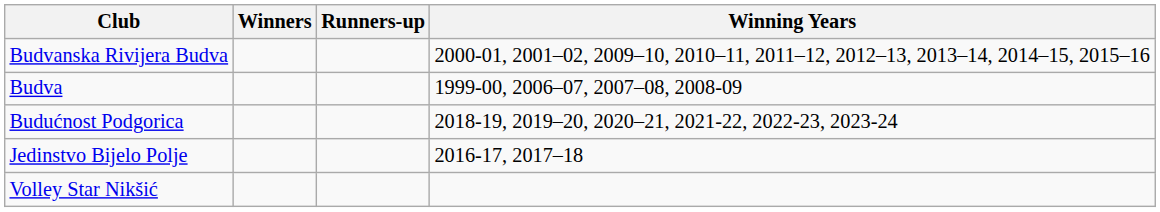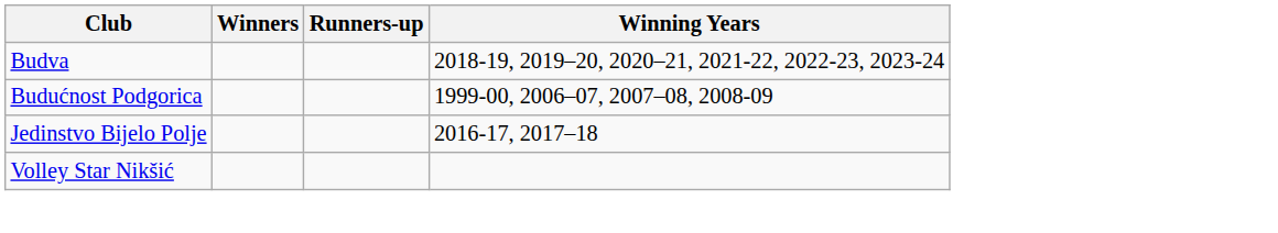 <table class="wikitable" style="font-size:90%">
 <tr>
 <th>Club</th>
 <th>Winners</th>
 <th>Runners-up</th>
 <th>Winning Years</th>
 </tr>
 <tr>
-<td><a href='#'>Budvanska Rivijera Budva</a></td>
-<td></td>
-<td></td>
-<td>2000-01, 2001–02, 2009–10, 2010–11, 2011–12, 2012–13, 2013–14, 2014–15, 2015–16</td>
-</tr>
-<tr>
 <td><a href='#'>Budva</a></td>
 <td></td>
 <td></td>
-<td>1999-00, 2006–07, 2007–08, 2008-09</td>
+<td>2018-19, 2019–20, 2020–21, 2021-22, 2022-23, 2023-24</td>
 </tr>
 <tr>
 <td><a href='#'>Budućnost Podgorica</a></td>
 <td></td>
 <td></td>
-<td>2018-19, 2019–20, 2020–21, 2021-22, 2022-23, 2023-24</td>
+<td>1999-00, 2006–07, 2007–08, 2008-09</td>
 </tr>
 <tr>
 <td><a href='#'>Jedinstvo Bijelo Polje</a></td>
 <td></td>
 <td></td>
 <td>2016-17, 2017–18</td>
 </tr>
 <tr>
 <td><a href='#'>Volley Star Nikšić</a></td>
 <td></td>
 <td></td>
 <td></td>
 </tr>
 </table>
